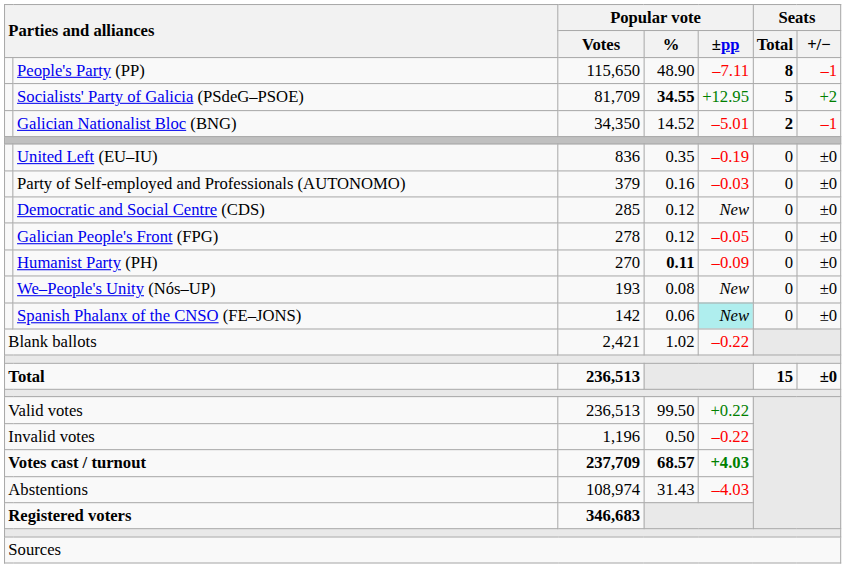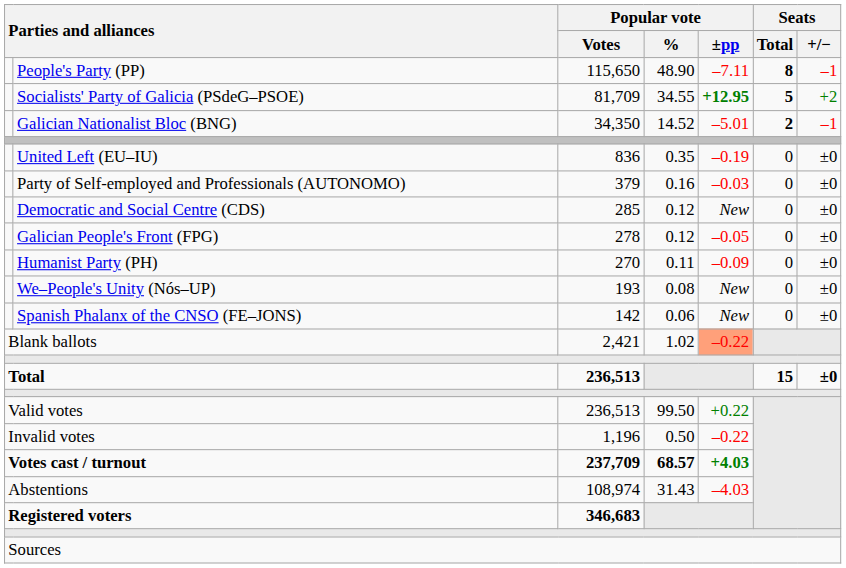 <table class="wikitable" style="text-align:right;">
 <tr>
 <th style="text-align:left;" rowspan="2" colspan="2" width="525">Parties and alliances</th>
 <th colspan="3">Popular vote</th>
 <th colspan="2">Seats</th>
 </tr>
 <tr>
 <th width="75">Votes</th>
 <th width="45">%</th>
 <th width="45">±<a href='#'>pp</a></th>
 <th width="35">Total</th>
 <th width="35">+/−</th>
 </tr>
 <tr>
 <td width="1" style="color:inherit;background:"></td>
 <td align="left"><a href='#'>People's Party</a> (PP)</td>
 <td>115,650</td>
 <td>48.90</td>
 <td style="color:red;">–7.11</td>
 <td><strong>8</strong></td>
 <td style="color:red;">–1</td>
 </tr>
 <tr>
 <td style="color:inherit;background:"></td>
 <td align="left"><a href='#'>Socialists' Party of Galicia</a> (PSdeG–PSOE)</td>
 <td>81,709</td>
-<td><strong>34.55</strong></td>
-<td style="color:green;">+12.95</td>
+<td>34.55</td>
+<td style="color:green;"><strong>+12.95</strong></td>
 <td><strong>5</strong></td>
 <td style="color:green;">+2</td>
 </tr>
 <tr>
 <td style="color:inherit;background:"></td>
 <td align="left"><a href='#'>Galician Nationalist Bloc</a> (BNG)</td>
 <td>34,350</td>
 <td>14.52</td>
 <td style="color:red;">–5.01</td>
 <td><strong>2</strong></td>
 <td style="color:red;">–1</td>
 </tr>
 <tr>
 <td colspan="7" bgcolor="#C0C0C0"></td>
 </tr>
 <tr>
 <td style="color:inherit;background:"></td>
 <td align="left"><a href='#'>United Left</a> (EU–IU)</td>
 <td>836</td>
 <td>0.35</td>
 <td style="color:red;">–0.19</td>
 <td>0</td>
 <td>±0</td>
 </tr>
 <tr>
 <td style="color:inherit;background:"></td>
 <td align="left">Party of Self-employed and Professionals (AUTONOMO)</td>
 <td>379</td>
 <td>0.16</td>
 <td style="color:red;">–0.03</td>
 <td>0</td>
 <td>±0</td>
 </tr>
 <tr>
 <td style="color:inherit;background:"></td>
 <td align="left"><a href='#'>Democratic and Social Centre</a> (CDS)</td>
 <td>285</td>
 <td>0.12</td>
 <td><em>New</em></td>
 <td>0</td>
 <td>±0</td>
 </tr>
 <tr>
 <td style="color:inherit;background:"></td>
 <td align="left"><a href='#'>Galician People's Front</a> (FPG)</td>
 <td>278</td>
 <td>0.12</td>
 <td style="color:red;">–0.05</td>
 <td>0</td>
 <td>±0</td>
 </tr>
 <tr>
 <td style="color:inherit;background:"></td>
 <td align="left"><a href='#'>Humanist Party</a> (PH)</td>
 <td>270</td>
-<td><strong>0.11</strong></td>
+<td>0.11</td>
 <td style="color:red;">–0.09</td>
 <td>0</td>
 <td>±0</td>
 </tr>
 <tr>
 <td style="color:inherit;background:"></td>
 <td align="left"><a href='#'>We–People's Unity</a> (Nós–UP)</td>
 <td>193</td>
 <td>0.08</td>
 <td><em>New</em></td>
 <td>0</td>
 <td>±0</td>
 </tr>
 <tr>
 <td style="color:inherit;background:"></td>
 <td align="left"><a href='#'>Spanish Phalanx of the CNSO</a> (FE–JONS)</td>
 <td>142</td>
 <td>0.06</td>
-<td style="background: paleturquoise;"><em>New</em></td>
+<td><em>New</em></td>
 <td>0</td>
 <td>±0</td>
 </tr>
 <tr>
 <td align="left" colspan="2">Blank ballots</td>
 <td>2,421</td>
 <td>1.02</td>
-<td style="color:red;">–0.22</td>
+<td style="background: lightsalmon; color:red;">–0.22</td>
 <td bgcolor="#E9E9E9" colspan="2"></td>
 </tr>
 <tr>
 <td colspan="7" bgcolor="#E9E9E9"></td>
 </tr>
 <tr style="font-weight:bold;">
 <td align="left" colspan="2">Total</td>
 <td>236,513</td>
 <td bgcolor="#E9E9E9" colspan="2"></td>
 <td>15</td>
 <td>±0</td>
 </tr>
 <tr>
 <td colspan="7" bgcolor="#E9E9E9"></td>
 </tr>
 <tr>
 <td align="left" colspan="2">Valid votes</td>
 <td>236,513</td>
 <td>99.50</td>
 <td style="color:green;">+0.22</td>
 <td bgcolor="#E9E9E9" colspan="7" rowspan="5"></td>
 </tr>
 <tr>
 <td align="left" colspan="2">Invalid votes</td>
 <td>1,196</td>
 <td>0.50</td>
 <td style="color:red;">–0.22</td>
 </tr>
 <tr style="font-weight:bold;">
 <td align="left" colspan="2">Votes cast / turnout</td>
 <td>237,709</td>
 <td>68.57</td>
 <td style="color:green;">+4.03</td>
 </tr>
 <tr>
 <td align="left" colspan="2">Abstentions</td>
 <td>108,974</td>
 <td>31.43</td>
 <td style="color:red;">–4.03</td>
 </tr>
 <tr style="font-weight:bold;">
 <td align="left" colspan="2">Registered voters</td>
 <td>346,683</td>
 <td bgcolor="#E9E9E9" colspan="2"></td>
 </tr>
 <tr>
 <td colspan="7" bgcolor="#E9E9E9"></td>
 </tr>
 <tr>
 <td align="left" colspan="7">Sources</td>
 </tr>
 </table>
